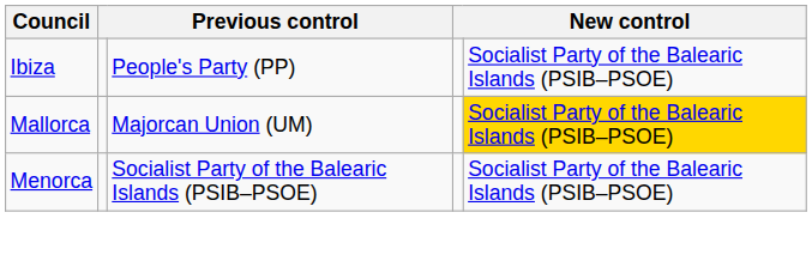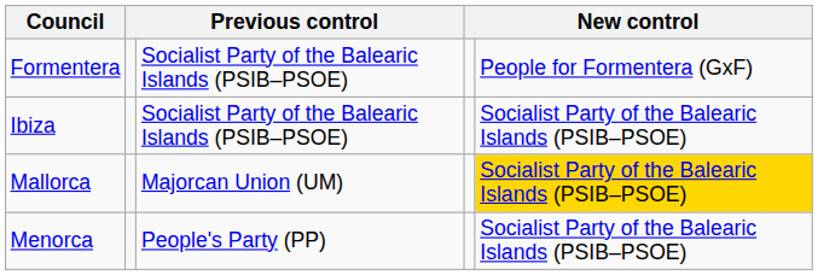 <table class="wikitable sortable">
 <tr>
 <th>Council</th>
 <th colspan="2" style="width:375px;">Previous control</th>
 <th colspan="2" style="width:375px;">New control</th>
 </tr>
 <tr>
+<td><a href='#'>Formentera</a></td>
+<td width="1" style="color:inherit;background:"></td>
+<td><a href='#'>Socialist Party of the Balearic Islands</a> (PSIB–PSOE)</td>
+<td width="1" style="color:inherit;background:"></td>
+<td><a href='#'>People for Formentera</a> (GxF)</td>
+</tr>
+<tr>
 <td><a href='#'>Ibiza</a></td>
 <td style="color:inherit;background:"></td>
-<td><a href='#'>People's Party</a> (PP)</td>
+<td><a href='#'>Socialist Party of the Balearic Islands</a> (PSIB–PSOE)</td>
 <td style="color:inherit;background:"></td>
 <td><a href='#'>Socialist Party of the Balearic Islands</a> (PSIB–PSOE)</td>
 </tr>
 <tr>
 <td><a href='#'>Mallorca</a></td>
 <td style="color:inherit;background:"></td>
 <td><a href='#'>Majorcan Union</a> (UM)</td>
 <td style="color:inherit;background:"></td>
 <td style="background: gold;"><a href='#'>Socialist Party of the Balearic Islands</a> (PSIB–PSOE)</td>
 </tr>
 <tr>
 <td><a href='#'>Menorca</a></td>
 <td style="color:inherit;background:"></td>
-<td><a href='#'>Socialist Party of the Balearic Islands</a> (PSIB–PSOE)</td>
+<td><a href='#'>People's Party</a> (PP)</td>
 <td style="color:inherit;background:"></td>
 <td><a href='#'>Socialist Party of the Balearic Islands</a> (PSIB–PSOE)</td>
 </tr>
 </table>
